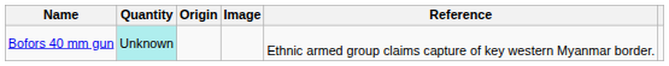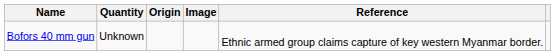 <table class="wikitable">
 <tr anti-aircraft guns>
 <th>Name</th>
 <th>Quantity</th>
 <th>Origin</th>
 <th>Image</th>
 <th>Reference</th>
 <th></th>
 </tr>
 <tr>
 <td><a href='#'>Bofors 40 mm gun</a></td>
-<td style="background: paleturquoise;">Unknown</td>
+<td>Unknown</td>
 <td></td>
 <td></td>
 <td><br>Ethnic armed group claims capture of key western Myanmar border.</td>
 </tr>
 </table>
